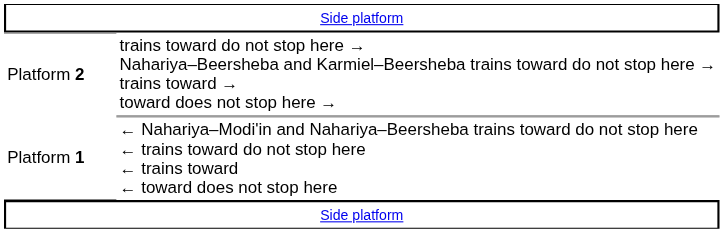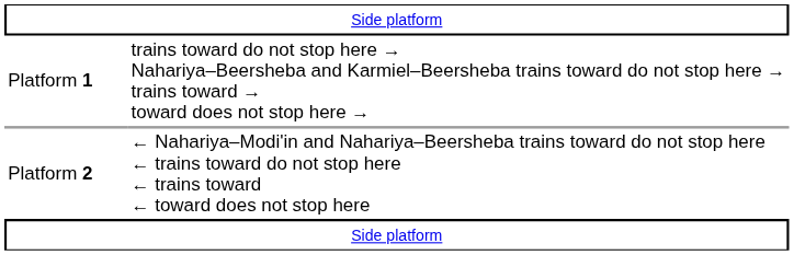 <table border=0 cellspacing=0 cellpadding=3>
 <tr>
 <td style="border-top:solid 1-x black;border-top:solid 1px black;border-right:solid 2px black;border-left:solid 2px black;border-bottom:solid 2px black;text-align:center;" colspan=2><small><a href='#'>Side platform</a></small></td>
 </tr>
 <tr>
-<td style="border-top:solid 1px gray;">Platform <strong>2</strong></td>
+<td style="border-bottom:solid 1px gray;" width=100>Platform <strong>1</strong></td>
 <td style="border-bottom:solid 1px gray;">  trains toward  do not stop here →<br>   Nahariya–Beersheba and Karmiel–Beersheba trains toward  do not stop here →<br>  trains toward   →<br>  toward  does not stop here →</td>
 </tr>
 <tr>
-<td style="border-bottom:solid 1px gray;" width=100>Platform <strong>1</strong></td>
+<td style="border-top:solid 1px gray;">Platform <strong>2</strong></td>
 <td style="border-top:solid 1px gray;">←   Nahariya–Modi'in and Nahariya–Beersheba trains toward  do not stop here<br>←  trains toward  do not stop here<br>←  trains toward  <br>←  toward  does not stop here</td>
 </tr>
 <tr>
 <td style="border-top:solid 2px black;border-right:solid 2px black;border-left:solid 2px black;border-bottom:solid 1px black;text-align:center;" colspan=2><small><a href='#'>Side platform</a></small></td>
 </tr>
 </table>
